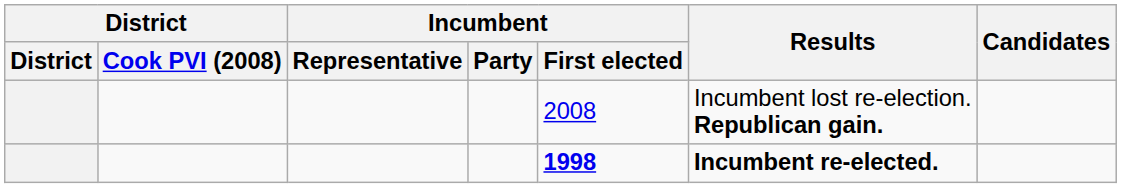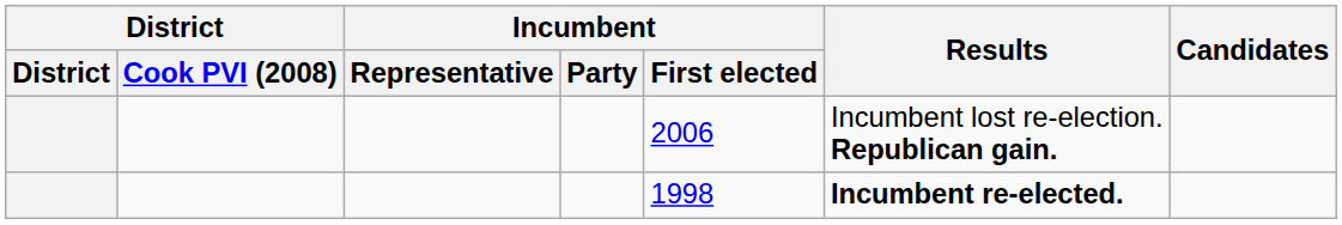 <table class="wikitable sortable">
 <tr>
 <th colspan=2>District</th>
 <th colspan=3>Incumbent</th>
 <th rowspan=2>Results</th>
 <th rowspan=2>Candidates</th>
 </tr>
 <tr valign=bottom>
 <th>District</th>
 <th><a href='#'>Cook PVI</a> (2008)</th>
 <th>Representative</th>
 <th>Party</th>
 <th>First elected</th>
 </tr>
 <tr>
 <th></th>
 <td></td>
 <td></td>
 <td></td>
-<td><a href='#'>2008</a></td>
+<td><a href='#'>2006</a></td>
 <td>Incumbent lost re-election.<br><strong>Republican gain.</strong></td>
 <td nowrap></td>
 </tr>
 <tr>
 <th></th>
 <td></td>
 <td></td>
 <td></td>
-<td><strong><a href='#'>1998</a></strong></td>
+<td><a href='#'>1998</a></td>
 <td><strong>Incumbent re-elected.</strong></td>
 <td nowrap></td>
 </tr>
 </table>
